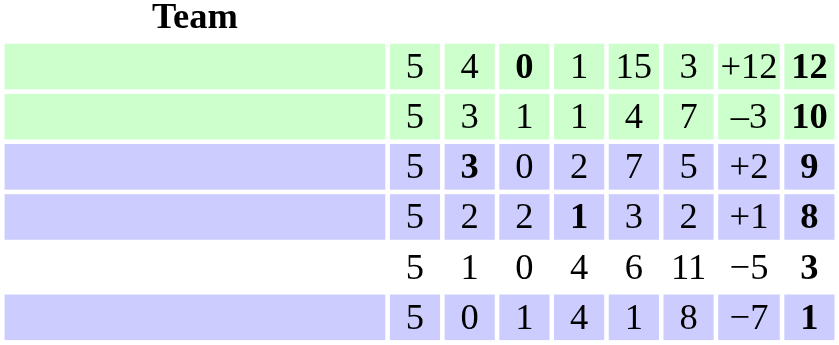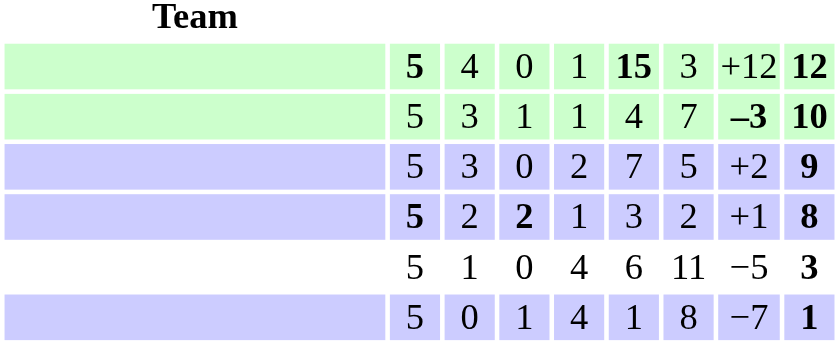 <table "wikitable" style="text-align: center">
 <tr>
 <th width=165>Team</th>
 <th width=20></th>
 <th width=20></th>
 <th width=20></th>
 <th width=20></th>
 <th width=20></th>
 <th width=20></th>
 <th width=20></th>
 <th width=20></th>
 </tr>
 <tr bgcolor=#ccffcc>
 <td align=left></td>
-<td>5</td>
+<td><strong>5</strong></td>
 <td>4</td>
-<td><strong>0</strong></td>
+<td>0</td>
 <td>1</td>
-<td>15</td>
+<td><strong>15</strong></td>
 <td>3</td>
 <td>+12</td>
 <td><strong>12</strong></td>
 </tr>
 <tr bgcolor=#ccffcc>
 <td align=left></td>
 <td>5</td>
 <td>3</td>
 <td>1</td>
 <td>1</td>
 <td>4</td>
 <td>7</td>
-<td>–3</td>
+<td><strong>–3</strong></td>
 <td><strong>10</strong></td>
 </tr>
 <tr bgcolor=#ccccff>
 <td align=left></td>
 <td>5</td>
-<td><strong>3</strong></td>
+<td>3</td>
 <td>0</td>
 <td>2</td>
 <td>7</td>
 <td>5</td>
 <td>+2</td>
 <td><strong>9</strong></td>
 </tr>
 <tr bgcolor=#ccccff>
 <td align=left></td>
-<td>5</td>
+<td><strong>5</strong></td>
 <td>2</td>
-<td>2</td>
-<td><strong>1</strong></td>
+<td><strong>2</strong></td>
+<td>1</td>
 <td>3</td>
 <td>2</td>
 <td>+1</td>
 <td><strong>8</strong></td>
 </tr>
 <tr bgcolor=>
 <td align=left></td>
 <td>5</td>
 <td>1</td>
 <td>0</td>
 <td>4</td>
 <td>6</td>
 <td>11</td>
 <td>−5</td>
 <td><strong>3</strong></td>
 </tr>
 <tr bgcolor=#ccccff>
 <td align=left></td>
 <td>5</td>
 <td>0</td>
 <td>1</td>
 <td>4</td>
 <td>1</td>
 <td>8</td>
 <td>−7</td>
 <td><strong>1</strong></td>
 </tr>
 </table>
